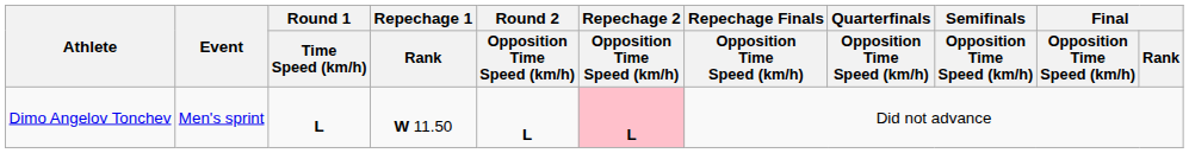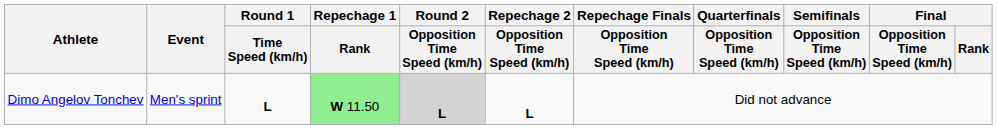 <table class="wikitable" style="font-size:90%">
 <tr>
 <th rowspan="2">Athlete</th>
 <th rowspan="2">Event</th>
 <th>Round 1</th>
 <th>Repechage 1</th>
 <th>Round 2</th>
 <th>Repechage 2</th>
 <th>Repechage Finals</th>
 <th>Quarterfinals</th>
 <th>Semifinals</th>
 <th colspan=2>Final</th>
 </tr>
 <tr style="font-size:95%">
 <th>Time<br>Speed (km/h)</th>
 <th>Rank</th>
 <th>Opposition<br>Time<br>Speed (km/h)</th>
 <th>Opposition<br>Time<br>Speed (km/h)</th>
 <th>Opposition<br>Time<br>Speed (km/h)</th>
 <th>Opposition<br>Time<br>Speed (km/h)</th>
 <th>Opposition<br>Time<br>Speed (km/h)</th>
 <th>Opposition<br>Time<br>Speed (km/h)</th>
 <th>Rank</th>
 </tr>
 <tr align=center>
 <td align=left><a href='#'>Dimo Angelov Tonchev</a></td>
 <td style="text-align:left;" rowspan="1"><a href='#'>Men's sprint</a></td>
 <td><br><strong>L</strong></td>
-<td><br><strong>W</strong> 11.50</td>
+<td style="background: lightgreen;"><br><strong>W</strong> 11.50</td>
+<td style="background: lightgrey;"><br><br><strong>L</strong></td>
 <td><br><br><strong>L</strong></td>
-<td style="background: pink;"><br><br><strong>L</strong></td>
 <td colspan=5>Did not advance</td>
 </tr>
 </table>
